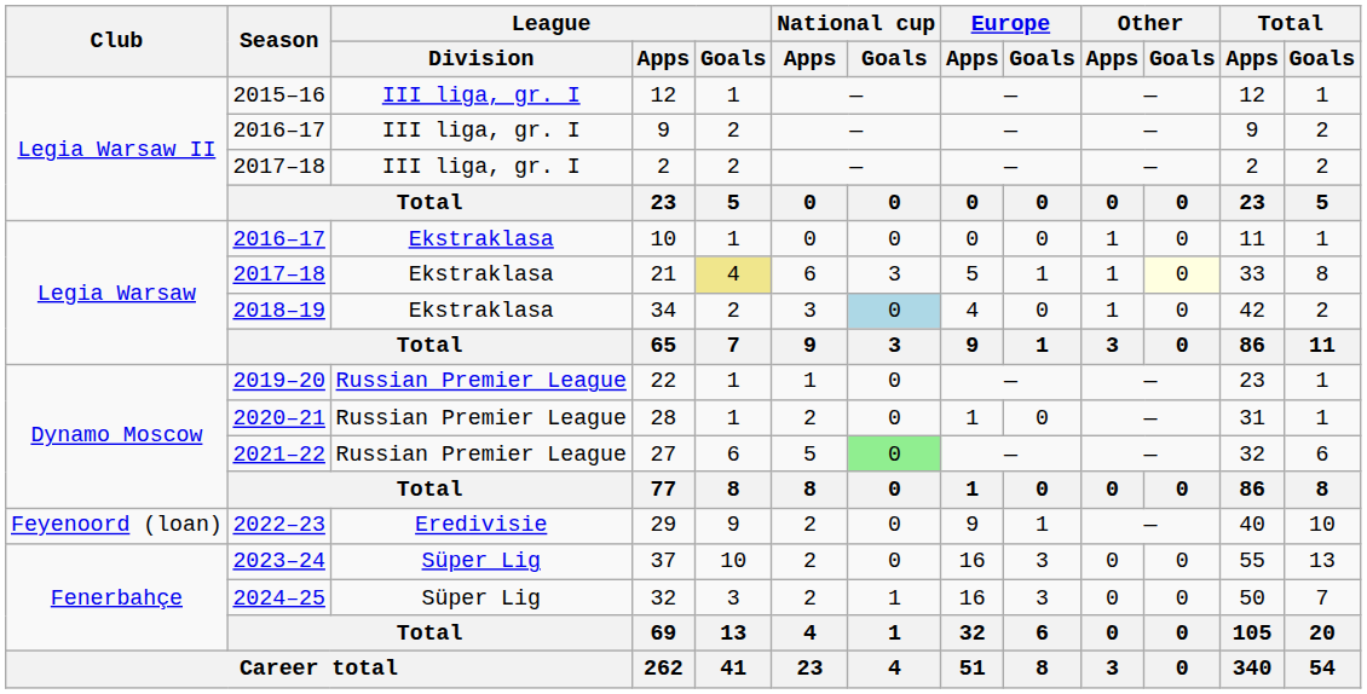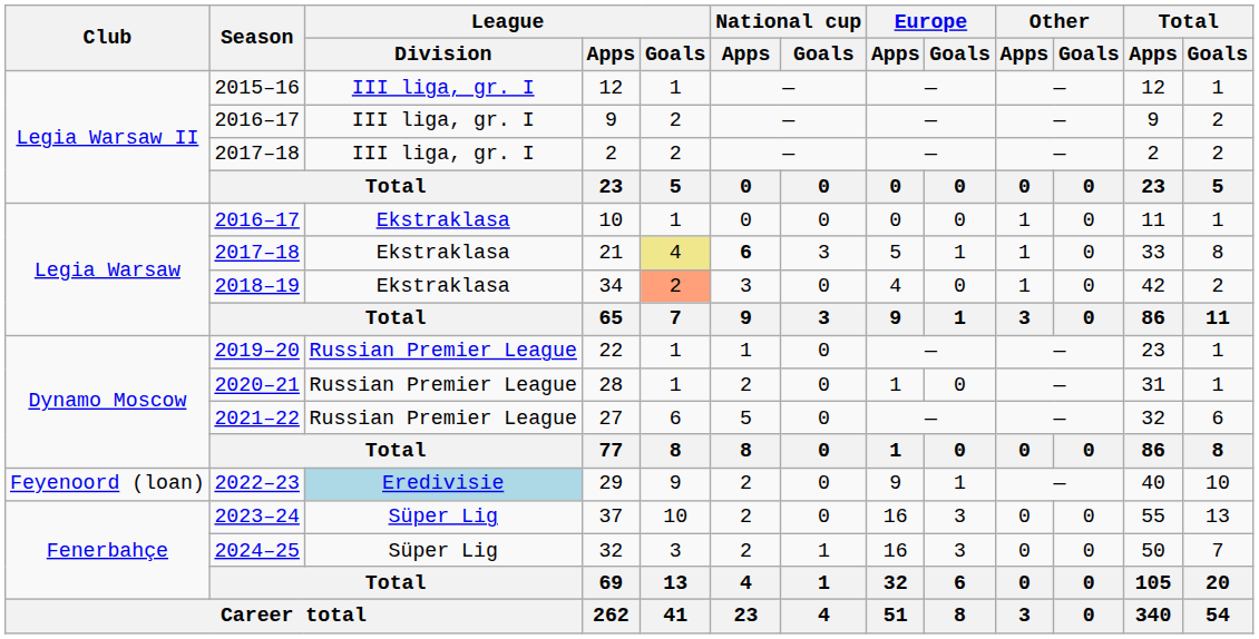 <table class=wikitable style="text-align: center">
 <tr>
 <th rowspan="2">Club</th>
 <th rowspan="2">Season</th>
 <th colspan="3">League</th>
 <th colspan="2">National cup</th>
 <th colspan="2"><a href='#'>Europe</a></th>
 <th colspan="2">Other</th>
 <th colspan="2">Total</th>
 </tr>
 <tr>
 <th>Division</th>
 <th>Apps</th>
 <th>Goals</th>
 <th>Apps</th>
 <th>Goals</th>
 <th>Apps</th>
 <th>Goals</th>
 <th>Apps</th>
 <th>Goals</th>
 <th>Apps</th>
 <th>Goals</th>
 </tr>
 <tr>
 <td rowspan="4"><a href='#'>Legia Warsaw II</a></td>
 <td>2015–16</td>
 <td><a href='#'>III liga, gr. I</a></td>
 <td>12</td>
 <td>1</td>
 <td colspan="2">—</td>
 <td colspan="2">—</td>
 <td colspan="2">—</td>
 <td>12</td>
 <td>1</td>
 </tr>
 <tr>
 <td>2016–17</td>
 <td>III liga, gr. I</td>
 <td>9</td>
 <td>2</td>
 <td colspan="2">—</td>
 <td colspan="2">—</td>
 <td colspan="2">—</td>
 <td>9</td>
 <td>2</td>
 </tr>
 <tr>
 <td>2017–18</td>
 <td>III liga, gr. I</td>
 <td>2</td>
 <td>2</td>
 <td colspan="2">—</td>
 <td colspan="2">—</td>
 <td colspan="2">—</td>
 <td>2</td>
 <td>2</td>
 </tr>
 <tr>
 <th colspan="2">Total</th>
 <th>23</th>
 <th>5</th>
 <th>0</th>
 <th>0</th>
 <th>0</th>
 <th>0</th>
 <th>0</th>
 <th>0</th>
 <th>23</th>
 <th>5</th>
 </tr>
 <tr>
 <td rowspan="4"><a href='#'>Legia Warsaw</a></td>
 <td><a href='#'>2016–17</a></td>
 <td><a href='#'>Ekstraklasa</a></td>
 <td>10</td>
 <td>1</td>
 <td>0</td>
 <td>0</td>
 <td>0</td>
 <td>0</td>
 <td>1</td>
 <td>0</td>
 <td>11</td>
 <td>1</td>
 </tr>
 <tr>
 <td><a href='#'>2017–18</a></td>
 <td>Ekstraklasa</td>
 <td>21</td>
 <td style="background: khaki;">4</td>
-<td>6</td>
+<td><strong>6</strong></td>
 <td>3</td>
 <td>5</td>
 <td>1</td>
 <td>1</td>
-<td style="background: lightyellow;">0</td>
+<td>0</td>
 <td>33</td>
 <td>8</td>
 </tr>
 <tr>
 <td><a href='#'>2018–19</a></td>
 <td>Ekstraklasa</td>
 <td>34</td>
-<td>2</td>
+<td style="background: lightsalmon;">2</td>
 <td>3</td>
-<td style="background: lightblue;">0</td>
+<td>0</td>
 <td>4</td>
 <td>0</td>
 <td>1</td>
 <td>0</td>
 <td>42</td>
 <td>2</td>
 </tr>
 <tr>
 <th colspan="2">Total</th>
 <th>65</th>
 <th>7</th>
 <th>9</th>
 <th>3</th>
 <th>9</th>
 <th>1</th>
 <th>3</th>
 <th>0</th>
 <th>86</th>
 <th>11</th>
 </tr>
 <tr>
 <td rowspan="4"><a href='#'>Dynamo Moscow</a></td>
 <td><a href='#'>2019–20</a></td>
 <td><a href='#'>Russian Premier League</a></td>
 <td>22</td>
 <td>1</td>
 <td>1</td>
 <td>0</td>
 <td colspan="2">—</td>
 <td colspan="2">—</td>
 <td>23</td>
 <td>1</td>
 </tr>
 <tr>
 <td><a href='#'>2020–21</a></td>
 <td>Russian Premier League</td>
 <td>28</td>
 <td>1</td>
 <td>2</td>
 <td>0</td>
 <td>1</td>
 <td>0</td>
 <td colspan="2">—</td>
 <td>31</td>
 <td>1</td>
 </tr>
 <tr>
 <td><a href='#'>2021–22</a></td>
 <td>Russian Premier League</td>
 <td>27</td>
 <td>6</td>
 <td>5</td>
-<td style="background: lightgreen;">0</td>
+<td>0</td>
 <td colspan="2">—</td>
 <td colspan="2">—</td>
 <td>32</td>
 <td>6</td>
 </tr>
 <tr>
 <th colspan="2">Total</th>
 <th>77</th>
 <th>8</th>
 <th>8</th>
 <th>0</th>
 <th>1</th>
 <th>0</th>
 <th>0</th>
 <th>0</th>
 <th>86</th>
 <th>8</th>
 </tr>
 <tr>
 <td><a href='#'>Feyenoord</a> (loan)</td>
 <td><a href='#'>2022–23</a></td>
-<td><a href='#'>Eredivisie</a></td>
+<td style="background: lightblue;"><a href='#'>Eredivisie</a></td>
 <td>29</td>
 <td>9</td>
 <td>2</td>
 <td>0</td>
 <td>9</td>
 <td>1</td>
 <td colspan="2">—</td>
 <td>40</td>
 <td>10</td>
 </tr>
 <tr>
 <td rowspan="3"><a href='#'>Fenerbahçe</a></td>
 <td><a href='#'>2023–24</a></td>
 <td><a href='#'>Süper Lig</a></td>
 <td>37</td>
 <td>10</td>
 <td>2</td>
 <td>0</td>
 <td>16</td>
 <td>3</td>
 <td>0</td>
 <td>0</td>
 <td>55</td>
 <td>13</td>
 </tr>
 <tr>
 <td><a href='#'>2024–25</a></td>
 <td>Süper Lig</td>
 <td>32</td>
 <td>3</td>
 <td>2</td>
 <td>1</td>
 <td>16</td>
 <td>3</td>
 <td>0</td>
 <td>0</td>
 <td>50</td>
 <td>7</td>
 </tr>
 <tr>
 <th colspan="2">Total</th>
 <th>69</th>
 <th>13</th>
 <th>4</th>
 <th>1</th>
 <th>32</th>
 <th>6</th>
 <th>0</th>
 <th>0</th>
 <th>105</th>
 <th>20</th>
 </tr>
 <tr>
 <th colspan="3">Career total</th>
 <th>262</th>
 <th>41</th>
 <th>23</th>
 <th>4</th>
 <th>51</th>
 <th>8</th>
 <th>3</th>
 <th>0</th>
 <th>340</th>
 <th>54</th>
 </tr>
 </table>
